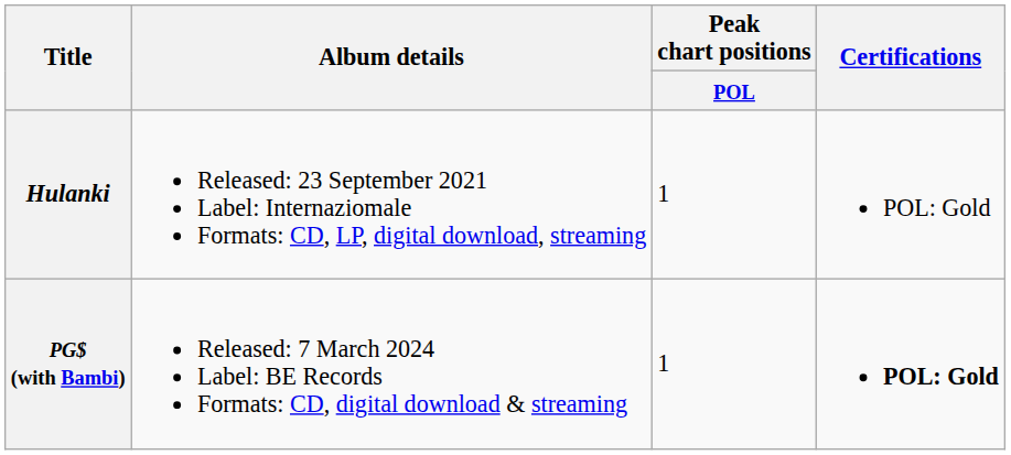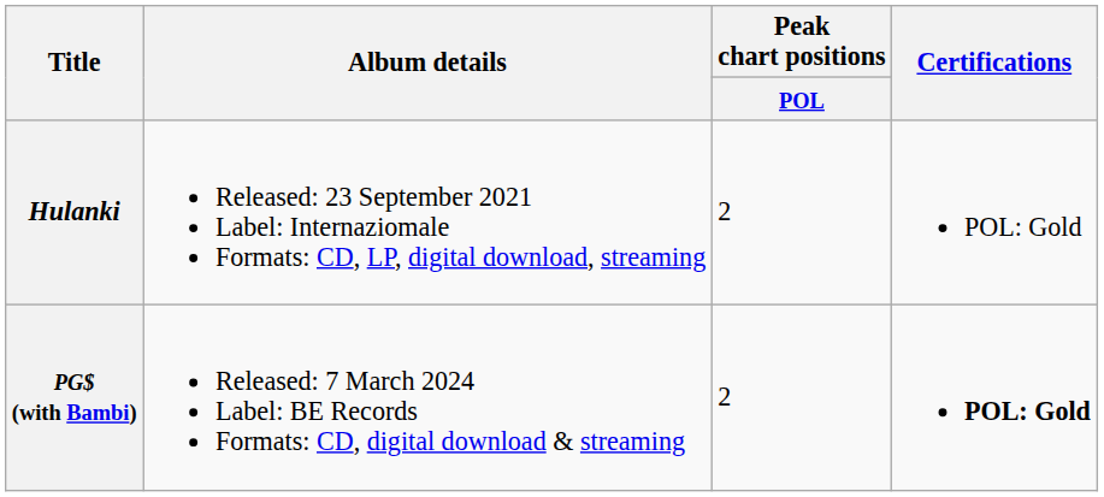 <table class="wikitable">
 <tr>
 <th rowspan="2">Title</th>
 <th rowspan="2">Album details</th>
 <th>Peak<br>chart  positions</th>
 <th rowspan="2"><a href='#'>Certifications</a></th>
 </tr>
 <tr>
 <th><small><a href='#'>POL</a></small><br></th>
 </tr>
 <tr>
 <th scope="row"><em>Hulanki</em></th>
 <td><br><ul><li>Released: 23 September 2021</li><li>Label: Internaziomale</li><li>Formats: <a href='#'>CD</a>, <a href='#'>LP</a>, <a href='#'>digital download</a>, <a href='#'>streaming</a></li></ul></td>
-<td>1</td>
+<td>2</td>
 <td><br><ul><li>POL: Gold</li></ul></td>
 </tr>
 <tr>
 <th><small><em>PG$</em></small><br><small>(with <a href='#'>Bambi</a>)</small></th>
 <td><br><ul><li>Released: 7 March 2024</li><li>Label: BE Records</li><li>Formats: <a href='#'>CD</a>, <a href='#'>digital download</a> & <a href='#'>streaming</a></li></ul></td>
-<td>1</td>
+<td>2</td>
 <td><strong><br><ul><li>POL: Gold</li></ul></strong></td>
 </tr>
 </table>
